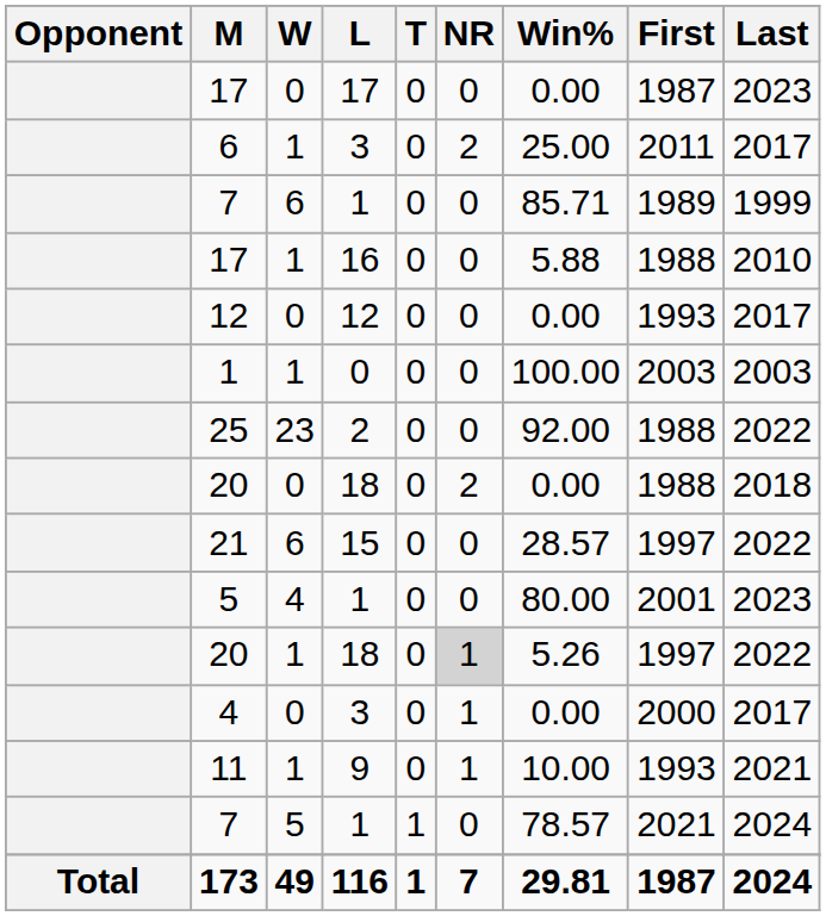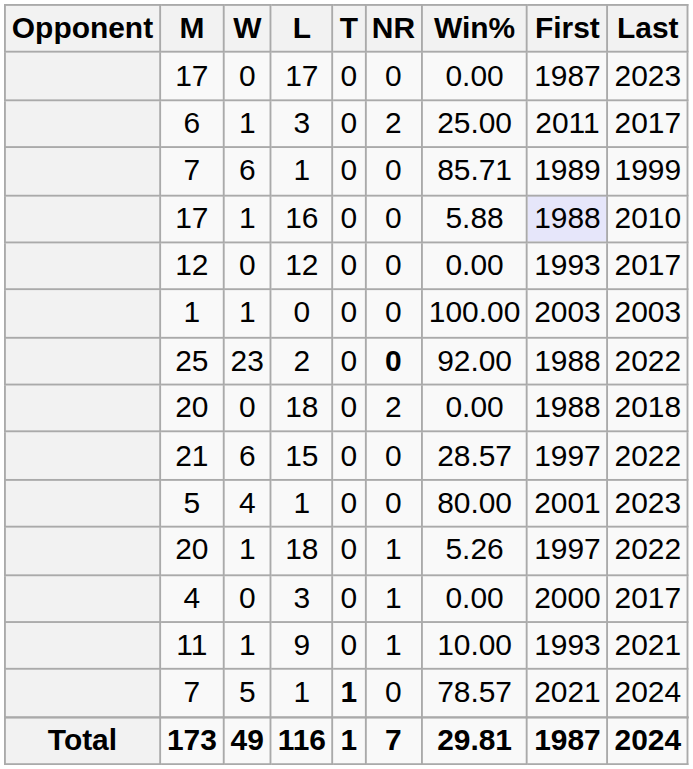 <table class="wikitable plainrowheaders sortable" style="text-align:center">
 <tr>
 <th scope="col">Opponent</th>
 <th scope="col">M</th>
 <th scope="col">W</th>
 <th scope="col">L</th>
 <th scope="col">T</th>
 <th scope="col">NR</th>
 <th scope="col">Win%</th>
 <th scope="col">First</th>
 <th scope="col">Last</th>
 </tr>
 <tr>
 <th scope="row"></th>
 <td>17</td>
 <td>0</td>
 <td>17</td>
 <td>0</td>
 <td>0</td>
 <td>0.00</td>
 <td>1987</td>
 <td>2023</td>
 </tr>
 <tr>
 <th scope="row"></th>
 <td>6</td>
 <td>1</td>
 <td>3</td>
 <td>0</td>
 <td>2</td>
 <td>25.00</td>
 <td>2011</td>
 <td>2017</td>
 </tr>
 <tr>
 <th scope="row"></th>
 <td>7</td>
 <td>6</td>
 <td>1</td>
 <td>0</td>
 <td>0</td>
 <td>85.71</td>
 <td>1989</td>
 <td>1999</td>
 </tr>
 <tr>
 <th scope="row"></th>
 <td>17</td>
 <td>1</td>
 <td>16</td>
 <td>0</td>
 <td>0</td>
 <td>5.88</td>
-<td>1988</td>
+<td style="background: lavender;">1988</td>
 <td>2010</td>
 </tr>
 <tr>
 <th scope="row"></th>
 <td>12</td>
 <td>0</td>
 <td>12</td>
 <td>0</td>
 <td>0</td>
 <td>0.00</td>
 <td>1993</td>
 <td>2017</td>
 </tr>
 <tr>
 <th scope="row"></th>
 <td>1</td>
 <td>1</td>
 <td>0</td>
 <td>0</td>
 <td>0</td>
 <td>100.00</td>
 <td>2003</td>
 <td>2003</td>
 </tr>
 <tr>
 <th scope="row"></th>
 <td>25</td>
 <td>23</td>
 <td>2</td>
 <td>0</td>
-<td>0</td>
+<td><strong>0</strong></td>
 <td>92.00</td>
 <td>1988</td>
 <td>2022</td>
 </tr>
 <tr>
 <th scope="row"></th>
 <td>20</td>
 <td>0</td>
 <td>18</td>
 <td>0</td>
 <td>2</td>
 <td>0.00</td>
 <td>1988</td>
 <td>2018</td>
 </tr>
 <tr>
 <th scope="row"></th>
 <td>21</td>
 <td>6</td>
 <td>15</td>
 <td>0</td>
 <td>0</td>
 <td>28.57</td>
 <td>1997</td>
 <td>2022</td>
 </tr>
 <tr>
 <th scope="row"></th>
 <td>5</td>
 <td>4</td>
 <td>1</td>
 <td>0</td>
 <td>0</td>
 <td>80.00</td>
 <td>2001</td>
 <td>2023</td>
 </tr>
 <tr>
 <th scope="row"></th>
 <td>20</td>
 <td>1</td>
 <td>18</td>
 <td>0</td>
-<td style="background: lightgrey;">1</td>
+<td>1</td>
 <td>5.26</td>
 <td>1997</td>
 <td>2022</td>
 </tr>
 <tr>
 <th scope="row"></th>
 <td>4</td>
 <td>0</td>
 <td>3</td>
 <td>0</td>
 <td>1</td>
 <td>0.00</td>
 <td>2000</td>
 <td>2017</td>
 </tr>
 <tr>
 <th scope="row"></th>
 <td>11</td>
 <td>1</td>
 <td>9</td>
 <td>0</td>
 <td>1</td>
 <td>10.00</td>
 <td>1993</td>
 <td>2021</td>
 </tr>
 <tr>
 <th scope="row"></th>
 <td>7</td>
 <td>5</td>
 <td>1</td>
-<td>1</td>
+<td><strong>1</strong></td>
 <td>0</td>
 <td>78.57</td>
 <td>2021</td>
 <td>2024</td>
 </tr>
 <tr>
 </tr>
 <tr class="sortbottom">
 <th scope="row" style="text-align:center"><strong>Total</strong></th>
 <td><strong>173</strong></td>
 <td><strong>49</strong></td>
 <td><strong>116</strong></td>
 <td><strong>1</strong></td>
 <td><strong>7</strong></td>
 <td><strong>29.81</strong></td>
 <td><strong>1987</strong></td>
 <td><strong>2024</strong></td>
 </tr>
 </table>
